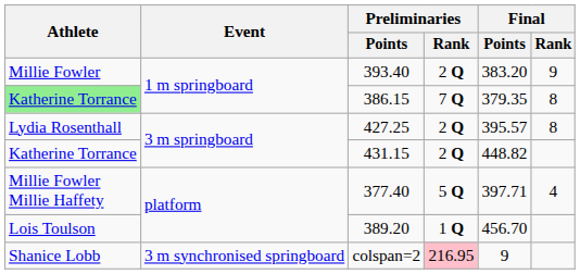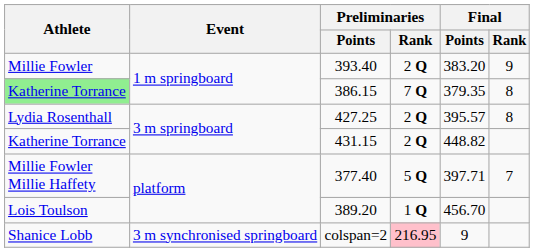 <table class="wikitable" style="font-size:90%;">
 <tr>
 <th rowspan=2>Athlete</th>
 <th rowspan=2>Event</th>
 <th colspan=2>Preliminaries</th>
 <th colspan=2>Final</th>
 </tr>
 <tr style="font-size:95%">
 <th>Points</th>
 <th>Rank</th>
 <th>Points</th>
 <th>Rank</th>
 </tr>
 <tr align=center>
 <td align=left><a href='#'>Millie Fowler</a></td>
 <td style="text-align:left;" rowspan="2"><a href='#'>1 m springboard</a></td>
 <td>393.40</td>
 <td>2 <strong>Q</strong></td>
 <td>383.20</td>
 <td>9</td>
 </tr>
 <tr align=center>
 <td align=left style="background: lightgreen;"><a href='#'>Katherine Torrance</a></td>
 <td>386.15</td>
 <td>7 <strong>Q</strong></td>
 <td>379.35</td>
 <td>8</td>
 </tr>
 <tr align=center>
 <td align=left><a href='#'>Lydia Rosenthall</a></td>
 <td style="text-align:left;" rowspan="2"><a href='#'>3 m springboard</a></td>
 <td>427.25</td>
 <td>2 <strong>Q</strong></td>
 <td>395.57</td>
 <td>8</td>
 </tr>
 <tr align=center>
 <td align=left><a href='#'>Katherine Torrance</a></td>
 <td>431.15</td>
 <td>2 <strong>Q</strong></td>
 <td>448.82</td>
 <td></td>
 </tr>
 <tr align=center>
 <td align=left><a href='#'>Millie Fowler</a><br><a href='#'>Millie Haffety</a></td>
 <td style="text-align:left;" rowspan="2"><a href='#'>platform</a></td>
 <td>377.40</td>
 <td>5 <strong>Q</strong></td>
 <td>397.71</td>
-<td>4</td>
+<td>7</td>
 </tr>
 <tr align=center>
 <td align=left><a href='#'>Lois Toulson</a></td>
 <td>389.20</td>
 <td>1 <strong>Q</strong></td>
 <td>456.70</td>
 <td></td>
 </tr>
 <tr align=center>
 <td align=left><a href='#'>Shanice Lobb</a></td>
 <td align=left><a href='#'>3 m synchronised springboard</a></td>
 <td>colspan=2 </td>
 <td style="background: pink;">216.95</td>
 <td>9</td>
 </tr>
 </table>
